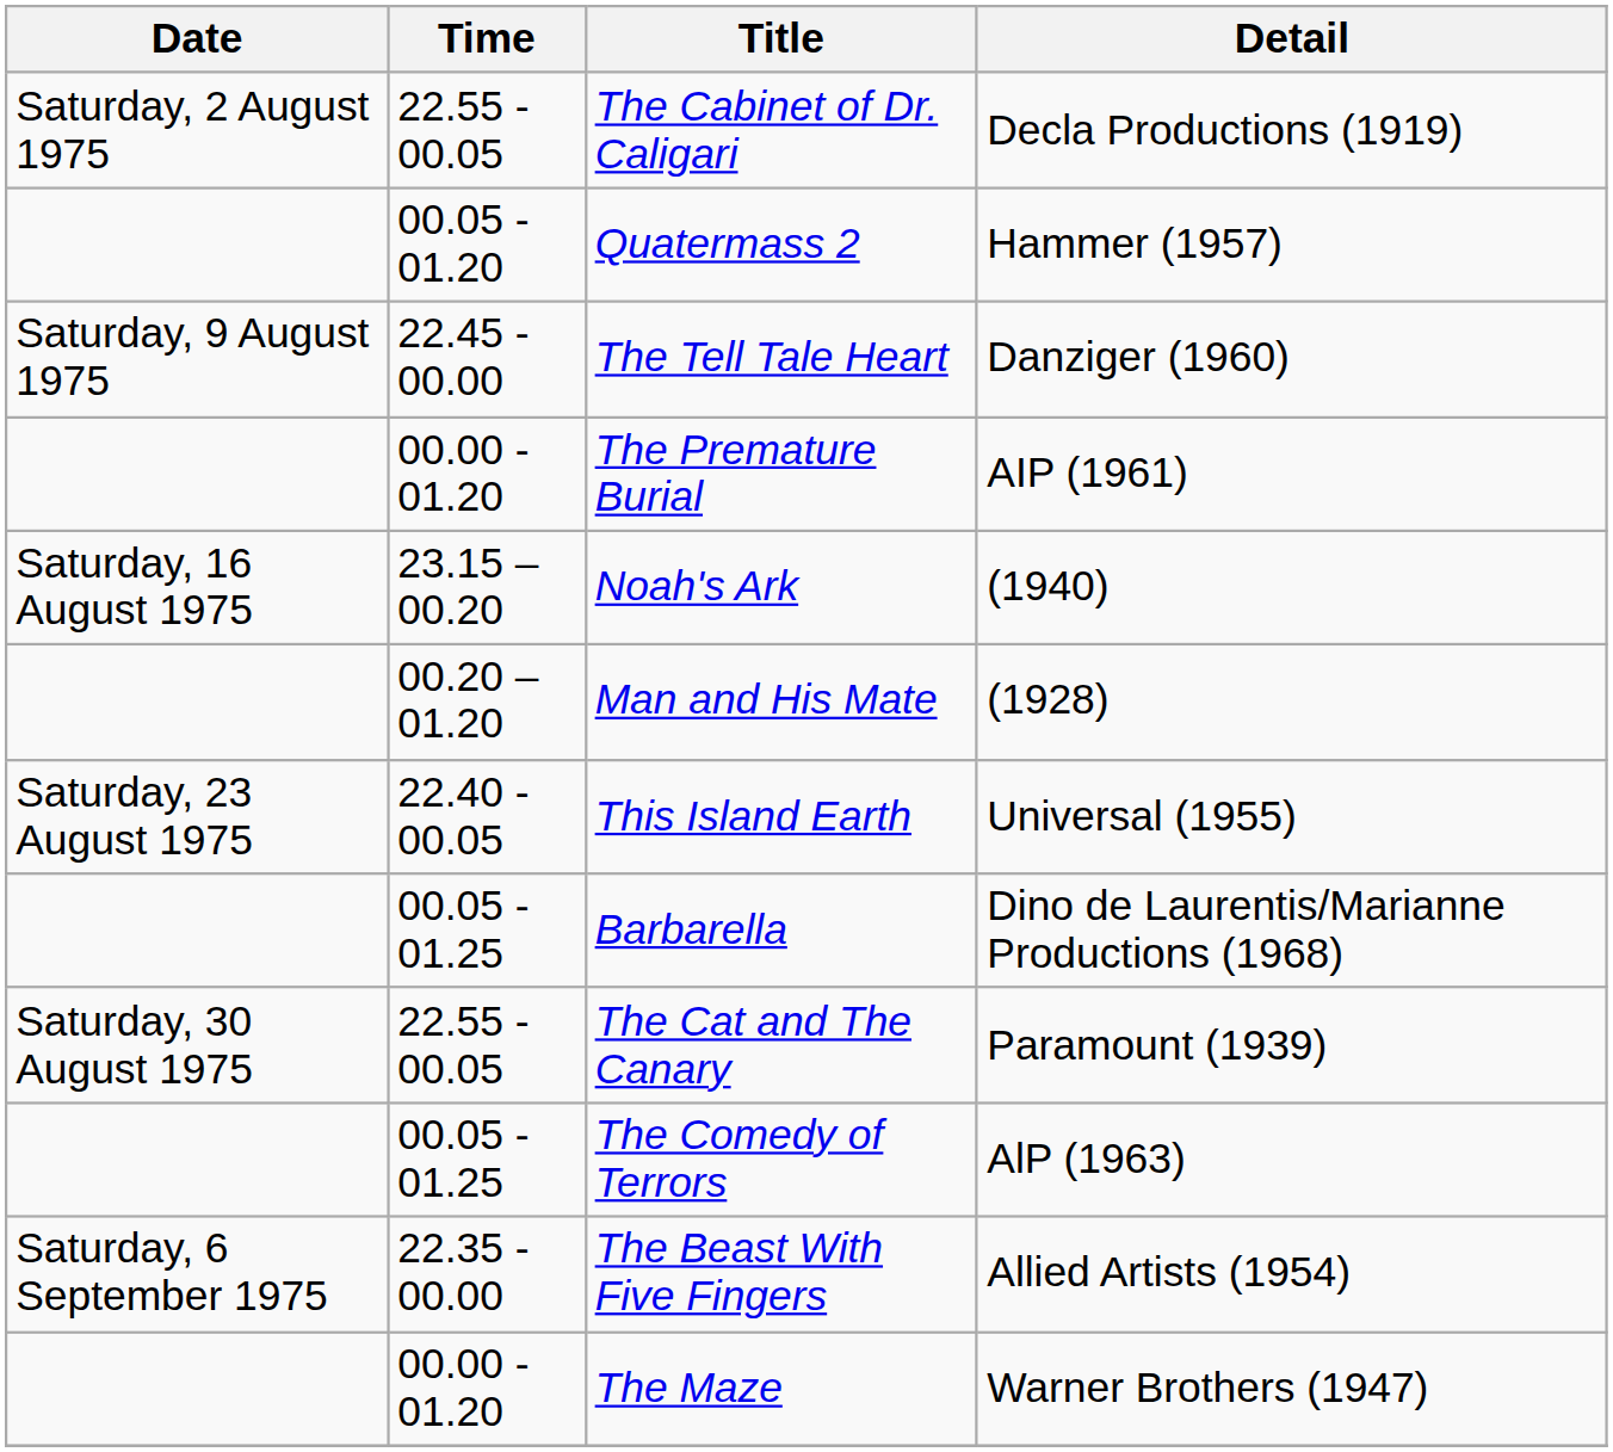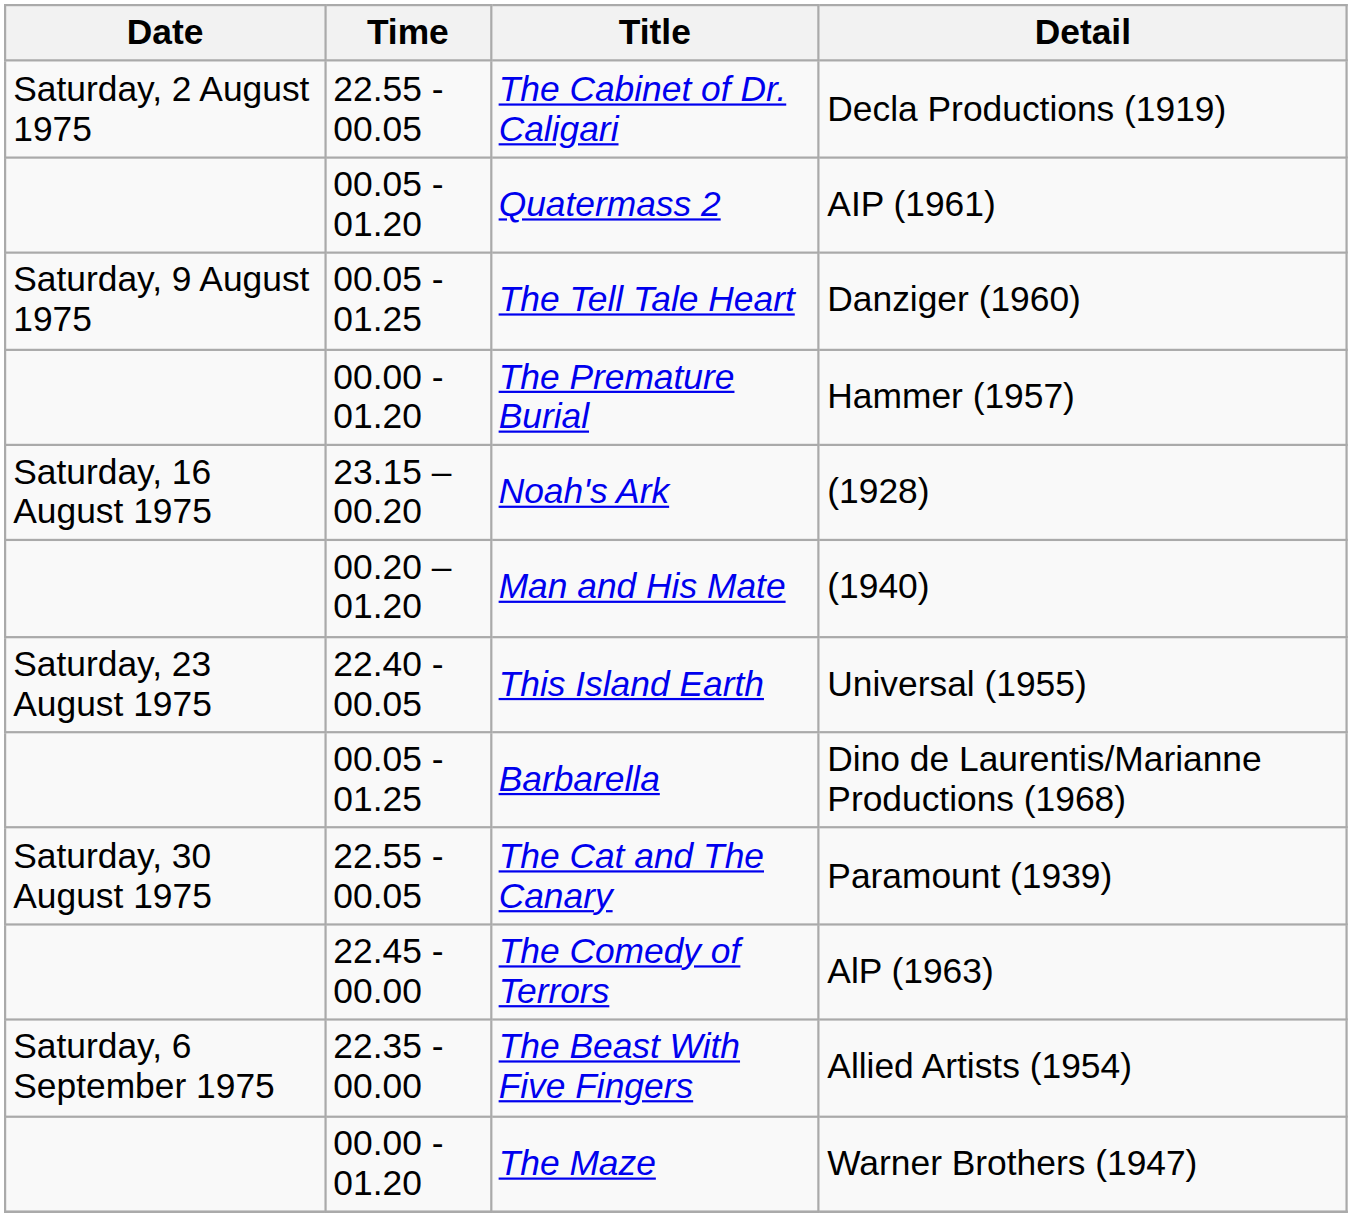 <table class="wikitable">
 <tr>
 <th>Date</th>
 <th>Time</th>
 <th>Title</th>
 <th>Detail</th>
 </tr>
 <tr>
 <td>Saturday, 2 August 1975</td>
 <td>22.55 - 00.05</td>
 <td><em><a href='#'>The Cabinet of Dr. Caligari</a></em></td>
 <td>Decla Productions (1919)</td>
 </tr>
 <tr>
 <td></td>
 <td>00.05 - 01.20</td>
 <td><em><a href='#'>Quatermass 2</a></em></td>
-<td>Hammer (1957)</td>
+<td>AIP (1961)</td>
 </tr>
 <tr>
 <td>Saturday, 9 August 1975</td>
-<td>22.45 - 00.00</td>
+<td>00.05 - 01.25</td>
 <td><a href='#'><em>The Tell Tale Heart</em></a></td>
 <td>Danziger (1960)</td>
 </tr>
 <tr>
 <td></td>
 <td>00.00 - 01.20</td>
 <td><a href='#'><em>The Premature Burial</em></a></td>
-<td>AIP (1961)</td>
+<td>Hammer (1957)</td>
 </tr>
 <tr>
 <td>Saturday, 16 August 1975</td>
 <td>23.15 – 00.20</td>
 <td><a href='#'><em>Noah's Ark</em></a></td>
-<td>(1940)</td>
+<td>(1928)</td>
 </tr>
 <tr>
 <td></td>
 <td>00.20 – 01.20</td>
 <td><a href='#'><em>Man and His Mate</em></a></td>
-<td>(1928)</td>
+<td>(1940)</td>
 </tr>
 <tr>
 <td>Saturday, 23 August 1975</td>
 <td>22.40 - 00.05</td>
 <td><em><a href='#'>This Island Earth</a></em></td>
 <td>Universal (1955)</td>
 </tr>
 <tr>
 <td></td>
 <td>00.05 - 01.25</td>
 <td><a href='#'><em>Barbarella</em></a></td>
 <td>Dino de Laurentis/Marianne Productions (1968)</td>
 </tr>
 <tr>
 <td>Saturday, 30 August 1975</td>
 <td>22.55 - 00.05</td>
 <td><a href='#'><em>The Cat and The Canary</em></a></td>
 <td>Paramount (1939)</td>
 </tr>
 <tr>
 <td></td>
-<td>00.05 - 01.25</td>
+<td>22.45 - 00.00</td>
 <td><em><a href='#'>The Comedy of Terrors</a></em></td>
 <td>AlP (1963)</td>
 </tr>
 <tr>
 <td>Saturday, 6 September 1975</td>
 <td>22.35 - 00.00</td>
 <td><a href='#'><em>The Beast With Five Fingers</em></a></td>
 <td>Allied Artists (1954)</td>
 </tr>
 <tr>
 <td></td>
 <td>00.00 - 01.20</td>
 <td><a href='#'><em>The Maze</em></a></td>
 <td>Warner Brothers (1947)</td>
 </tr>
 <tr>
 </tr>
 </table>
